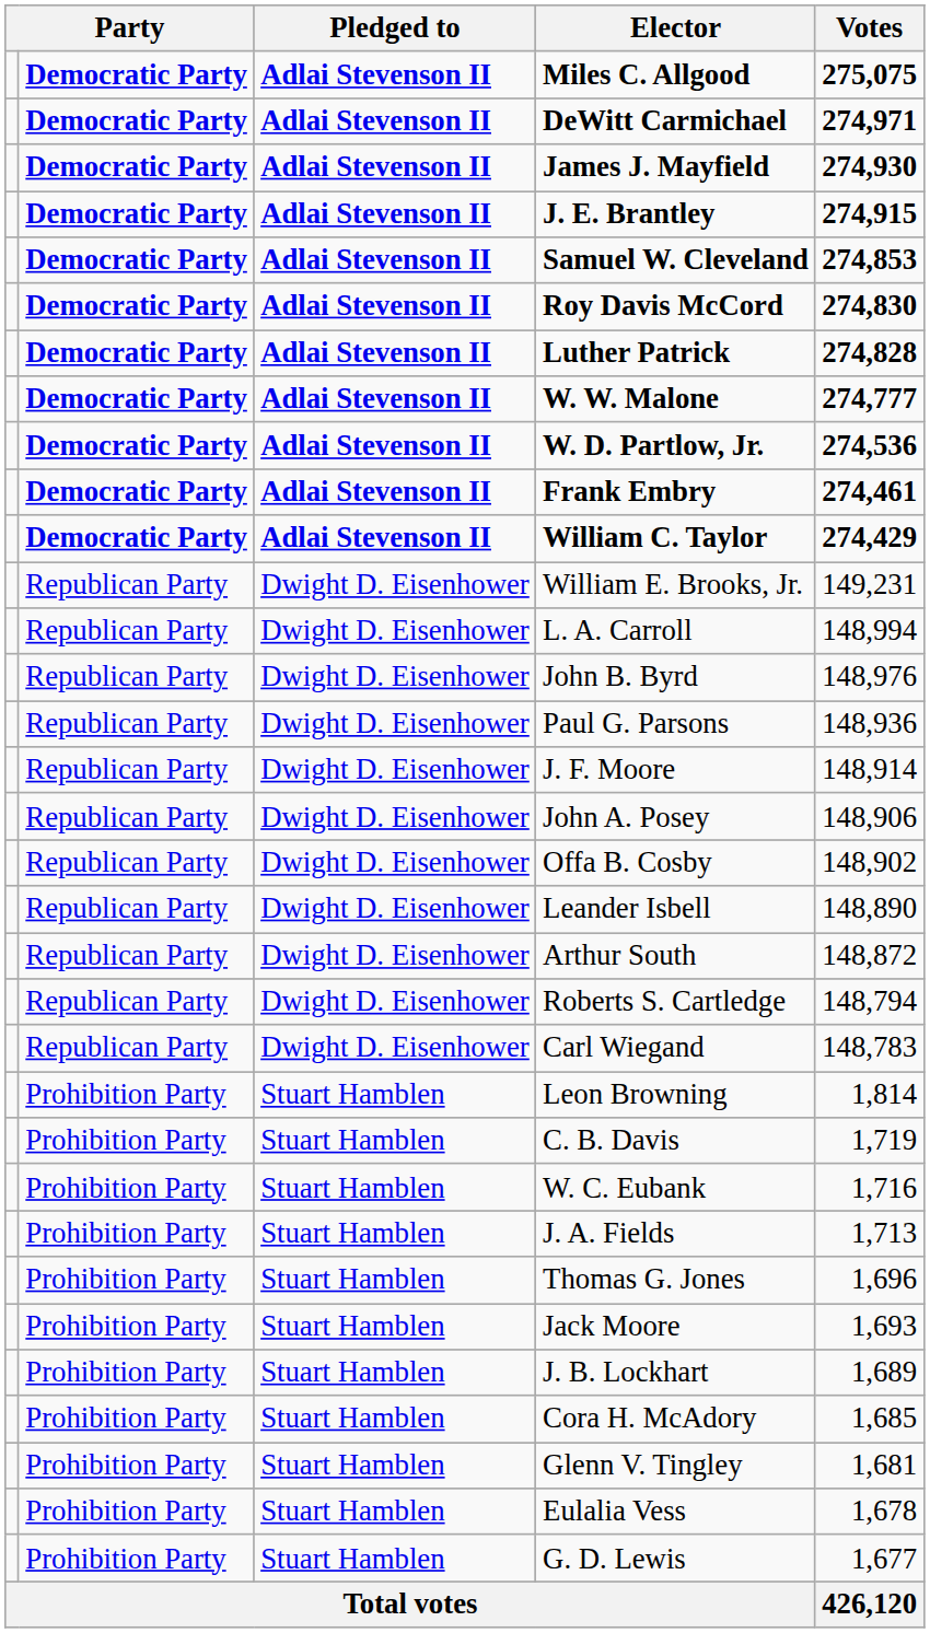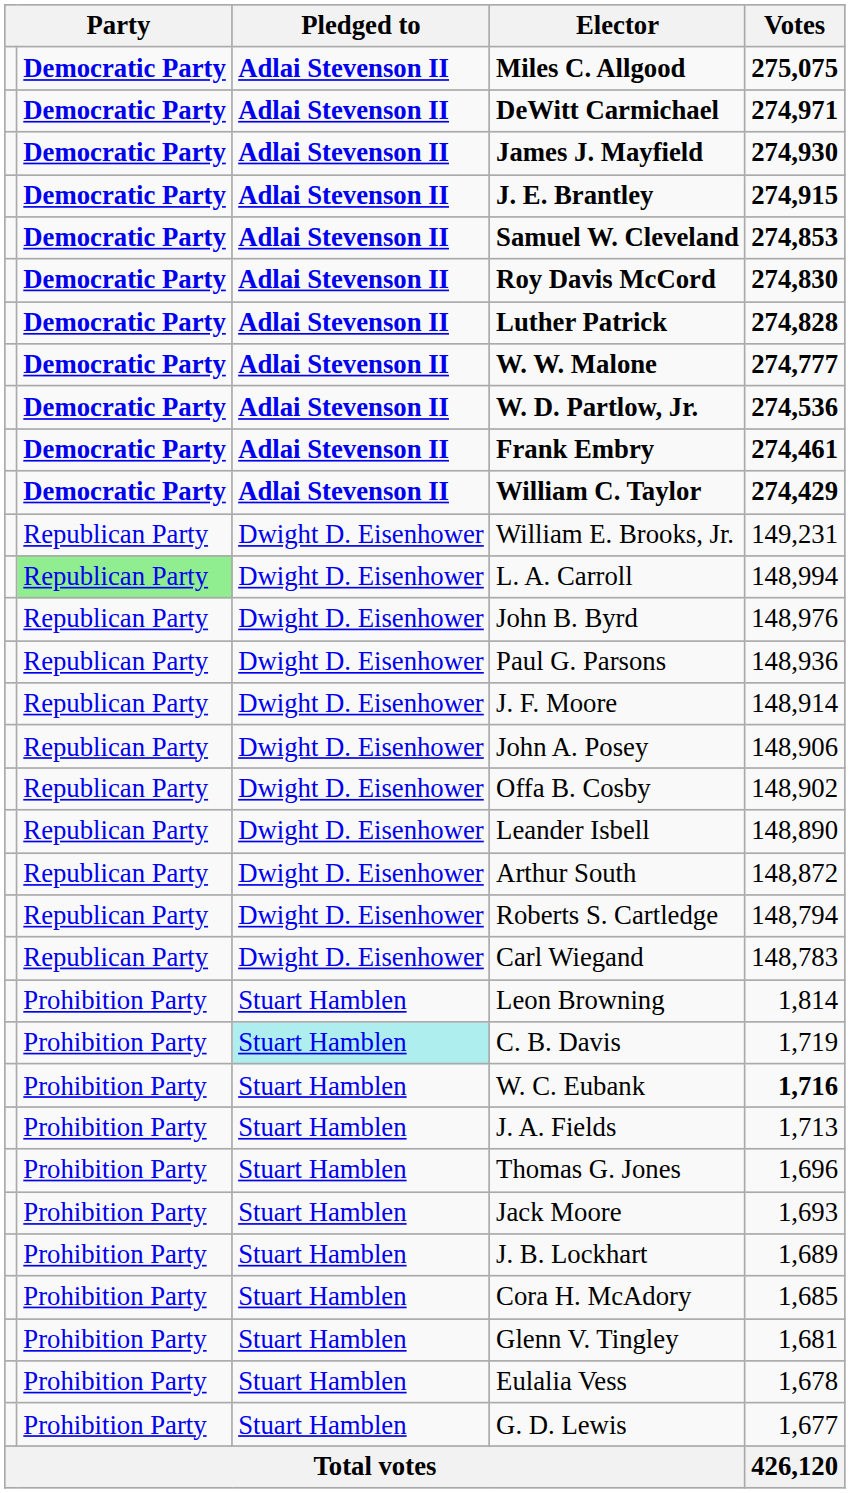 <table class="wikitable">
 <tr>
 <th colspan=2>Party</th>
 <th>Pledged to</th>
 <th>Elector</th>
 <th>Votes</th>
 </tr>
 <tr style="font-weight:bold">
 <td bgcolor=></td>
 <td><a href='#'>Democratic Party</a></td>
 <td><a href='#'>Adlai Stevenson II</a></td>
 <td>Miles C. Allgood</td>
 <td align=right>275,075</td>
 </tr>
 <tr style="font-weight:bold">
 <td bgcolor=></td>
 <td><a href='#'>Democratic Party</a></td>
 <td><a href='#'>Adlai Stevenson II</a></td>
 <td>DeWitt Carmichael</td>
 <td align=right>274,971</td>
 </tr>
 <tr style="font-weight:bold">
 <td bgcolor=></td>
 <td><a href='#'>Democratic Party</a></td>
 <td><a href='#'>Adlai Stevenson II</a></td>
 <td>James J. Mayfield</td>
 <td align=right>274,930</td>
 </tr>
 <tr style="font-weight:bold">
 <td bgcolor=></td>
 <td><a href='#'>Democratic Party</a></td>
 <td><a href='#'>Adlai Stevenson II</a></td>
 <td>J. E. Brantley</td>
 <td align=right>274,915</td>
 </tr>
 <tr style="font-weight:bold">
 <td bgcolor=></td>
 <td><a href='#'>Democratic Party</a></td>
 <td><a href='#'>Adlai Stevenson II</a></td>
 <td>Samuel W. Cleveland</td>
 <td align=right>274,853</td>
 </tr>
 <tr style="font-weight:bold">
 <td bgcolor=></td>
 <td><a href='#'>Democratic Party</a></td>
 <td><a href='#'>Adlai Stevenson II</a></td>
 <td>Roy Davis McCord</td>
 <td align=right>274,830</td>
 </tr>
 <tr style="font-weight:bold">
 <td bgcolor=></td>
 <td><a href='#'>Democratic Party</a></td>
 <td><a href='#'>Adlai Stevenson II</a></td>
 <td>Luther Patrick</td>
 <td align=right>274,828</td>
 </tr>
 <tr style="font-weight:bold">
 <td bgcolor=></td>
 <td><a href='#'>Democratic Party</a></td>
 <td><a href='#'>Adlai Stevenson II</a></td>
 <td>W. W. Malone</td>
 <td align=right>274,777</td>
 </tr>
 <tr style="font-weight:bold">
 <td bgcolor=></td>
 <td><a href='#'>Democratic Party</a></td>
 <td><a href='#'>Adlai Stevenson II</a></td>
 <td>W. D. Partlow, Jr.</td>
 <td align=right>274,536</td>
 </tr>
 <tr style="font-weight:bold">
 <td bgcolor=></td>
 <td><a href='#'>Democratic Party</a></td>
 <td><a href='#'>Adlai Stevenson II</a></td>
 <td>Frank Embry</td>
 <td align=right>274,461</td>
 </tr>
 <tr style="font-weight:bold">
 <td bgcolor=></td>
 <td><a href='#'>Democratic Party</a></td>
 <td><a href='#'>Adlai Stevenson II</a></td>
 <td>William C. Taylor</td>
 <td align=right>274,429</td>
 </tr>
 <tr>
 <td bgcolor=></td>
 <td><a href='#'>Republican Party</a></td>
 <td><a href='#'>Dwight D. Eisenhower</a></td>
 <td>William E. Brooks, Jr.</td>
 <td align=right>149,231</td>
 </tr>
 <tr>
 <td bgcolor=></td>
-<td><a href='#'>Republican Party</a></td>
+<td style="background: lightgreen;"><a href='#'>Republican Party</a></td>
 <td><a href='#'>Dwight D. Eisenhower</a></td>
 <td>L. A. Carroll</td>
 <td align=right>148,994</td>
 </tr>
 <tr>
 <td bgcolor=></td>
 <td><a href='#'>Republican Party</a></td>
 <td><a href='#'>Dwight D. Eisenhower</a></td>
 <td>John B. Byrd</td>
 <td align=right>148,976</td>
 </tr>
 <tr>
 <td bgcolor=></td>
 <td><a href='#'>Republican Party</a></td>
 <td><a href='#'>Dwight D. Eisenhower</a></td>
 <td>Paul G. Parsons</td>
 <td align=right>148,936</td>
 </tr>
 <tr>
 <td bgcolor=></td>
 <td><a href='#'>Republican Party</a></td>
 <td><a href='#'>Dwight D. Eisenhower</a></td>
 <td>J. F. Moore</td>
 <td align=right>148,914</td>
 </tr>
 <tr>
 <td bgcolor=></td>
 <td><a href='#'>Republican Party</a></td>
 <td><a href='#'>Dwight D. Eisenhower</a></td>
 <td>John A. Posey</td>
 <td align=right>148,906</td>
 </tr>
 <tr>
 <td bgcolor=></td>
 <td><a href='#'>Republican Party</a></td>
 <td><a href='#'>Dwight D. Eisenhower</a></td>
 <td>Offa B. Cosby</td>
 <td align=right>148,902</td>
 </tr>
 <tr>
 <td bgcolor=></td>
 <td><a href='#'>Republican Party</a></td>
 <td><a href='#'>Dwight D. Eisenhower</a></td>
 <td>Leander Isbell</td>
 <td align=right>148,890</td>
 </tr>
 <tr>
 <td bgcolor=></td>
 <td><a href='#'>Republican Party</a></td>
 <td><a href='#'>Dwight D. Eisenhower</a></td>
 <td>Arthur South</td>
 <td align=right>148,872</td>
 </tr>
 <tr>
 <td bgcolor=></td>
 <td><a href='#'>Republican Party</a></td>
 <td><a href='#'>Dwight D. Eisenhower</a></td>
 <td>Roberts S. Cartledge</td>
 <td align=right>148,794</td>
 </tr>
 <tr>
 <td bgcolor=></td>
 <td><a href='#'>Republican Party</a></td>
 <td><a href='#'>Dwight D. Eisenhower</a></td>
 <td>Carl Wiegand</td>
 <td align=right>148,783</td>
 </tr>
 <tr>
 <td bgcolor=></td>
 <td><a href='#'>Prohibition Party</a></td>
 <td><a href='#'>Stuart Hamblen</a></td>
 <td>Leon Browning</td>
 <td align=right>1,814</td>
 </tr>
 <tr>
 <td bgcolor=></td>
 <td><a href='#'>Prohibition Party</a></td>
-<td><a href='#'>Stuart Hamblen</a></td>
+<td style="background: paleturquoise;"><a href='#'>Stuart Hamblen</a></td>
 <td>C. B. Davis</td>
 <td align=right>1,719</td>
 </tr>
 <tr>
 <td bgcolor=></td>
 <td><a href='#'>Prohibition Party</a></td>
 <td><a href='#'>Stuart Hamblen</a></td>
 <td>W. C. Eubank</td>
-<td align=right>1,716</td>
+<td align=right><strong>1,716</strong></td>
 </tr>
 <tr>
 <td bgcolor=></td>
 <td><a href='#'>Prohibition Party</a></td>
 <td><a href='#'>Stuart Hamblen</a></td>
 <td>J. A. Fields</td>
 <td align=right>1,713</td>
 </tr>
 <tr>
 <td bgcolor=></td>
 <td><a href='#'>Prohibition Party</a></td>
 <td><a href='#'>Stuart Hamblen</a></td>
 <td>Thomas G. Jones</td>
 <td align=right>1,696</td>
 </tr>
 <tr>
 <td bgcolor=></td>
 <td><a href='#'>Prohibition Party</a></td>
 <td><a href='#'>Stuart Hamblen</a></td>
 <td>Jack Moore</td>
 <td align=right>1,693</td>
 </tr>
 <tr>
 <td bgcolor=></td>
 <td><a href='#'>Prohibition Party</a></td>
 <td><a href='#'>Stuart Hamblen</a></td>
 <td>J. B. Lockhart</td>
 <td align=right>1,689</td>
 </tr>
 <tr>
 <td bgcolor=></td>
 <td><a href='#'>Prohibition Party</a></td>
 <td><a href='#'>Stuart Hamblen</a></td>
 <td>Cora H. McAdory</td>
 <td align=right>1,685</td>
 </tr>
 <tr>
 <td bgcolor=></td>
 <td><a href='#'>Prohibition Party</a></td>
 <td><a href='#'>Stuart Hamblen</a></td>
 <td>Glenn V. Tingley</td>
 <td align=right>1,681</td>
 </tr>
 <tr>
 <td bgcolor=></td>
 <td><a href='#'>Prohibition Party</a></td>
 <td><a href='#'>Stuart Hamblen</a></td>
 <td>Eulalia Vess</td>
 <td align=right>1,678</td>
 </tr>
 <tr>
 <td bgcolor=></td>
 <td><a href='#'>Prohibition Party</a></td>
 <td><a href='#'>Stuart Hamblen</a></td>
 <td>G. D. Lewis</td>
 <td align=right>1,677</td>
 </tr>
 <tr>
 <th colspan=4>Total votes</th>
 <th>426,120</th>
 </tr>
 </table>
